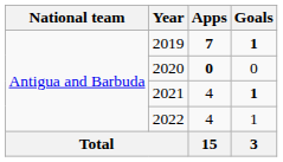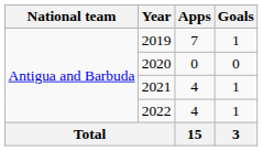 <table class="wikitable" style="text-align:center">
 <tr>
 <th>National team</th>
 <th>Year</th>
 <th>Apps</th>
 <th>Goals</th>
 </tr>
 <tr>
 <td rowspan="4"><a href='#'>Antigua and Barbuda</a></td>
 <td>2019</td>
-<td><strong>7</strong></td>
-<td><strong>1</strong></td>
+<td>7</td>
+<td>1</td>
 </tr>
 <tr>
 <td>2020</td>
-<td><strong>0</strong></td>
+<td>0</td>
 <td>0</td>
 </tr>
 <tr>
 <td>2021</td>
 <td>4</td>
-<td><strong>1</strong></td>
+<td>1</td>
 </tr>
 <tr>
 <td>2022</td>
 <td>4</td>
 <td>1</td>
 </tr>
 <tr>
 <th colspan="2">Total</th>
 <th>15</th>
 <th>3</th>
 </tr>
 </table>
